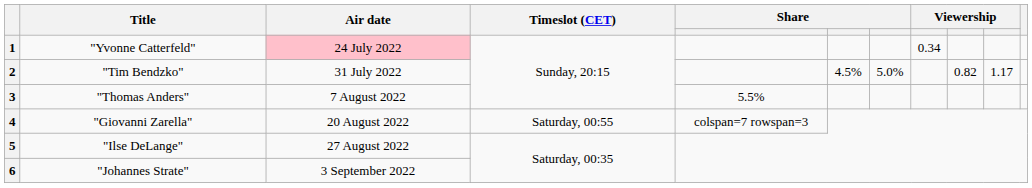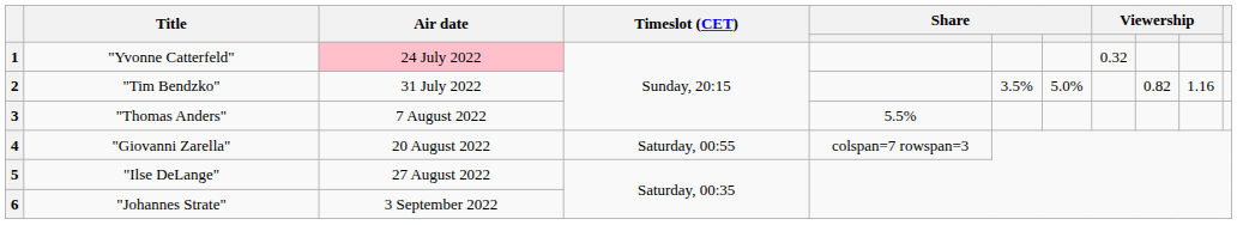 <table class="sortable wikitable plainrowheaders mw-collapsible" style=" text-align:center; line-height:23px; width:100%;">
 <tr>
 <th rowspan=2 class="unsortable"></th>
 <th rowspan=2 class="unsortable" width=24%>Title</th>
 <th rowspan=2 class="unsortable" width=20%>Air date</th>
 <th rowspan=2 class="unsortable" width=20%>Timeslot (<a href='#'>CET</a>)</th>
 <th colspan=3>Share</th>
 <th colspan=3>Viewership</th>
 <th rowspan=2 class="unsortable"></th>
 </tr>
 <tr>
 <th></th>
 <th></th>
 <th></th>
 <th></th>
 <th></th>
 <th></th>
 </tr>
 <tr>
 <th>1</th>
 <td>"Yvonne Catterfeld"</td>
 <td style="background: pink;">24 July 2022</td>
 <td rowspan="3">Sunday, 20:15</td>
 <td></td>
 <td></td>
 <td></td>
-<td>0.34</td>
+<td>0.32</td>
 <td></td>
 <td></td>
 <td></td>
 </tr>
 <tr>
 <th>2</th>
 <td>"Tim Bendzko"</td>
 <td>31 July 2022</td>
 <td></td>
-<td>4.5%</td>
+<td>3.5%</td>
 <td>5.0%</td>
 <td></td>
 <td>0.82</td>
-<td>1.17</td>
+<td>1.16</td>
 <td></td>
 </tr>
 <tr>
 <th>3</th>
 <td>"Thomas Anders"</td>
 <td>7 August 2022</td>
 <td>5.5%</td>
 <td></td>
 <td></td>
 <td></td>
 <td></td>
 <td></td>
 <td></td>
 </tr>
 <tr>
 <th>4</th>
 <td>"Giovanni Zarella"</td>
 <td>20 August 2022</td>
 <td>Saturday, 00:55</td>
 <td>colspan=7 rowspan=3 </td>
 </tr>
 <tr>
 <th>5</th>
 <td>"Ilse DeLange"</td>
 <td>27 August 2022</td>
 <td rowspan="2">Saturday, 00:35</td>
 </tr>
 <tr>
 <th>6</th>
 <td>"Johannes Strate"</td>
 <td>3 September 2022</td>
 </tr>
 </table>
